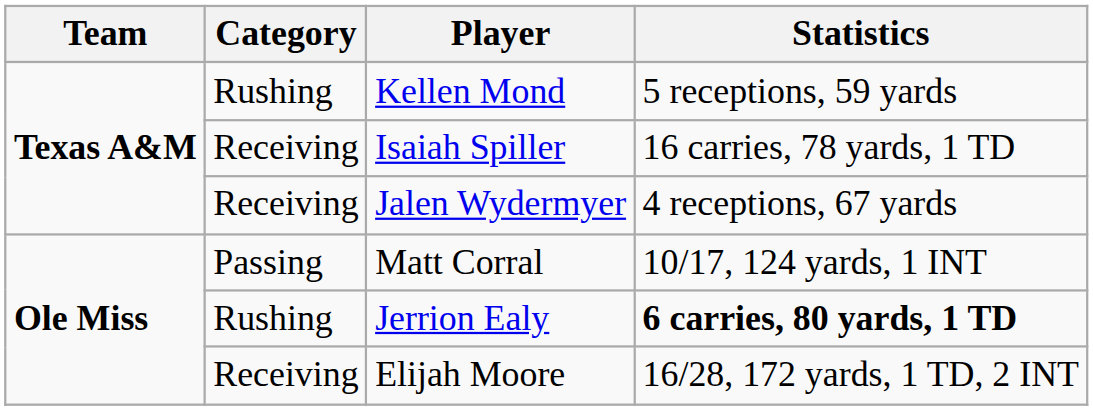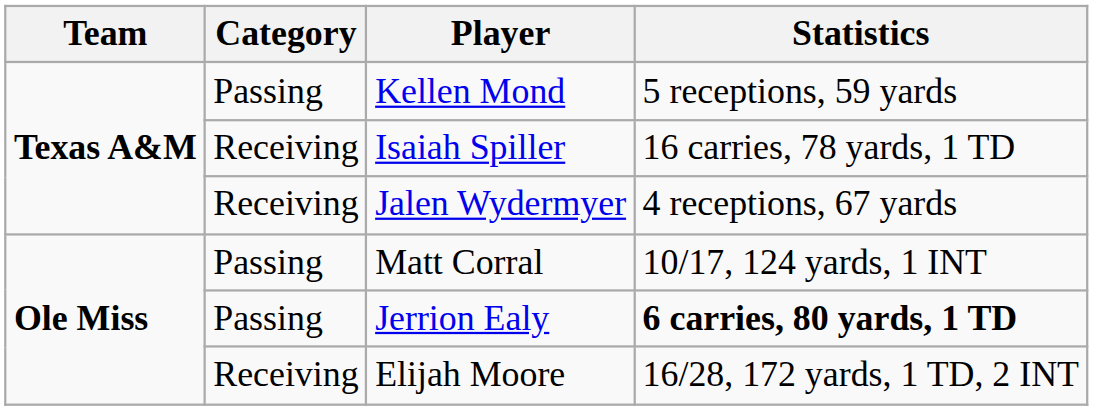 <table class="wikitable" style="float: right;">
 <tr>
 <th>Team</th>
 <th>Category</th>
 <th>Player</th>
 <th>Statistics</th>
 </tr>
 <tr>
 <td rowspan=3><strong>Texas A&M</strong></td>
-<td>Rushing</td>
+<td>Passing</td>
 <td><a href='#'>Kellen Mond</a></td>
 <td>5 receptions, 59 yards</td>
 </tr>
 <tr>
 <td>Receiving</td>
 <td><a href='#'>Isaiah Spiller</a></td>
 <td>16 carries, 78 yards, 1 TD</td>
 </tr>
 <tr>
 <td>Receiving</td>
 <td><a href='#'>Jalen Wydermyer</a></td>
 <td>4 receptions, 67 yards</td>
 </tr>
 <tr>
 <td rowspan=3><strong>Ole Miss</strong></td>
 <td>Passing</td>
 <td>Matt Corral</td>
 <td>10/17, 124 yards, 1 INT</td>
 </tr>
 <tr>
-<td>Rushing</td>
+<td>Passing</td>
 <td><a href='#'>Jerrion Ealy</a></td>
 <td><strong>6 carries, 80 yards, 1 TD</strong></td>
 </tr>
 <tr>
 <td>Receiving</td>
 <td>Elijah Moore</td>
 <td>16/28, 172 yards, 1 TD, 2 INT</td>
 </tr>
 </table>
